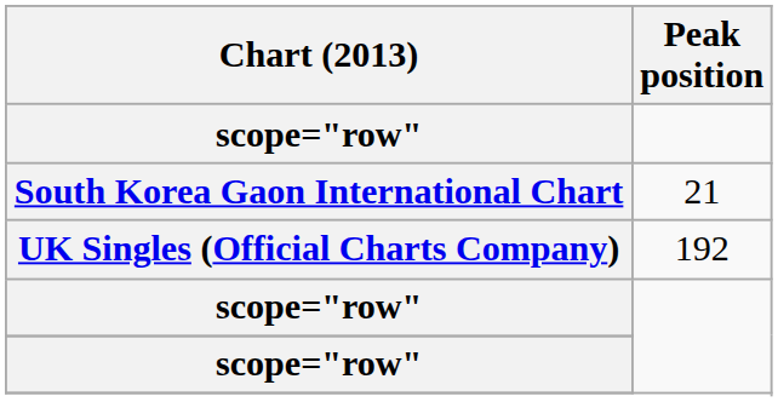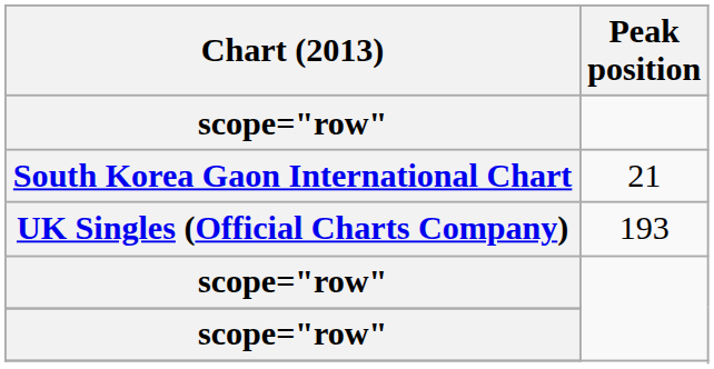 <table class="wikitable sortable plainrowheaders">
 <tr>
 <th>Chart (2013)</th>
 <th>Peak<br>position</th>
 </tr>
 <tr>
 <th>scope="row"</th>
 </tr>
 <tr>
 <th scope="row"><a href='#'>South Korea Gaon International Chart</a></th>
 <td style="text-align:center;">21</td>
 </tr>
 <tr>
 <th scope="row"><a href='#'>UK Singles</a> (<a href='#'>Official Charts Company</a>)</th>
-<td style="text-align:center;">192</td>
+<td style="text-align:center;">193</td>
 </tr>
 <tr>
 <th>scope="row"</th>
 </tr>
 <tr>
 </tr>
 <tr>
 <th>scope="row"</th>
 </tr>
 <tr>
 </tr>
 </table>
